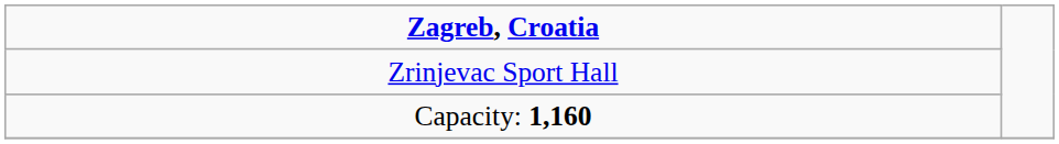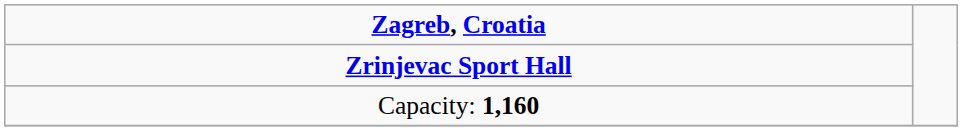 <table class="wikitable" style="text-align: center; width: 600px;">
 <tr>
 <td><strong> <a href='#'>Zagreb</a>, <a href='#'>Croatia</a></strong></td>
 <td rowspan="3"></td>
 </tr>
 <tr>
-<td><a href='#'>Zrinjevac Sport Hall</a></td>
+<td><strong><a href='#'>Zrinjevac Sport Hall</a></strong></td>
 </tr>
 <tr>
 <td>Capacity: <strong>1,160</strong></td>
 </tr>
 <tr>
 </tr>
 </table>
